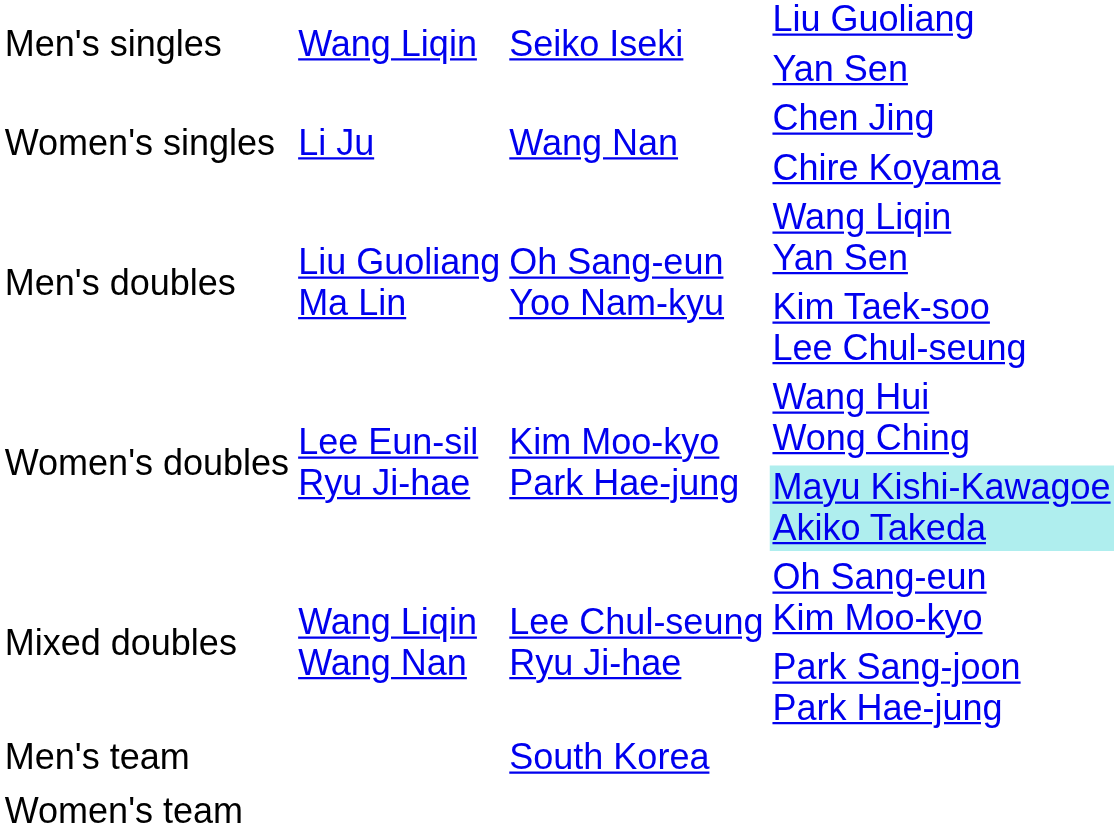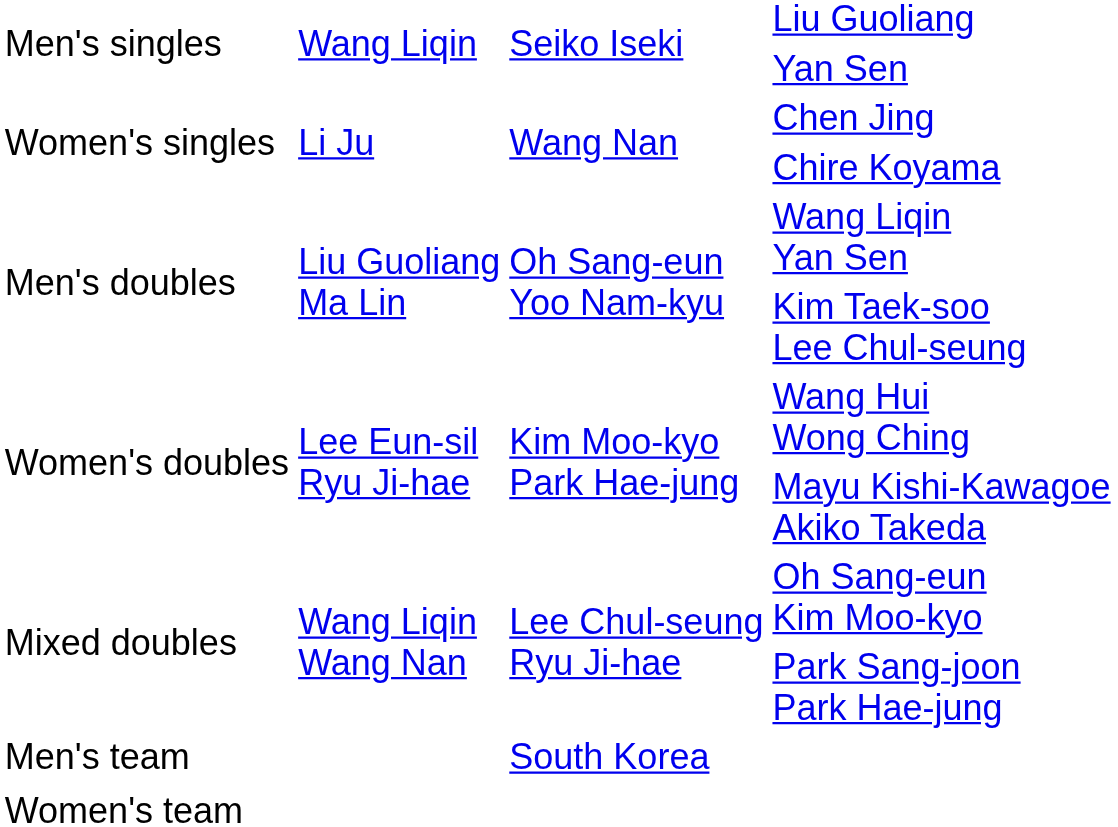 <table>
 <tr>
 <td rowspan=2>Men's singles <br></td>
 <td rowspan=2> <a href='#'>Wang Liqin</a></td>
 <td rowspan=2> <a href='#'>Seiko Iseki</a></td>
 <td> <a href='#'>Liu Guoliang</a></td>
 </tr>
 <tr>
 <td> <a href='#'>Yan Sen</a></td>
 </tr>
 <tr>
 <td rowspan=2>Women's singles <br></td>
 <td rowspan=2> <a href='#'>Li Ju</a></td>
 <td rowspan=2> <a href='#'>Wang Nan</a></td>
 <td> <a href='#'>Chen Jing</a></td>
 </tr>
 <tr>
 <td> <a href='#'>Chire Koyama</a></td>
 </tr>
 <tr>
 <td rowspan=2>Men's doubles <br></td>
 <td rowspan=2> <a href='#'>Liu Guoliang</a><br> <a href='#'>Ma Lin</a></td>
 <td rowspan=2> <a href='#'>Oh Sang-eun</a><br> <a href='#'>Yoo Nam-kyu</a></td>
 <td> <a href='#'>Wang Liqin</a><br> <a href='#'>Yan Sen</a></td>
 </tr>
 <tr>
 <td> <a href='#'>Kim Taek-soo</a><br> <a href='#'>Lee Chul-seung</a></td>
 </tr>
 <tr>
 <td rowspan=2>Women's doubles <br></td>
 <td rowspan=2> <a href='#'>Lee Eun-sil</a><br> <a href='#'>Ryu Ji-hae</a></td>
 <td rowspan=2> <a href='#'>Kim Moo-kyo</a><br> <a href='#'>Park Hae-jung</a></td>
 <td> <a href='#'>Wang Hui</a><br>  <a href='#'>Wong Ching</a></td>
 </tr>
 <tr>
-<td style="background: paleturquoise;"> <a href='#'>Mayu Kishi-Kawagoe</a><br> <a href='#'>Akiko Takeda</a></td>
+<td> <a href='#'>Mayu Kishi-Kawagoe</a><br> <a href='#'>Akiko Takeda</a></td>
 </tr>
 <tr>
 <td rowspan=2>Mixed doubles <br></td>
 <td rowspan=2> <a href='#'>Wang Liqin</a><br> <a href='#'>Wang Nan</a></td>
 <td rowspan=2> <a href='#'>Lee Chul-seung</a><br> <a href='#'>Ryu Ji-hae</a></td>
 <td> <a href='#'>Oh Sang-eun</a><br> <a href='#'>Kim Moo-kyo</a></td>
 </tr>
 <tr>
 <td> <a href='#'>Park Sang-joon</a><br> <a href='#'>Park Hae-jung</a></td>
 </tr>
 <tr>
 <td rowspan=1>Men's team <br></td>
 <td rowspan=1></td>
 <td rowspan=1> <a href='#'>South Korea</a></td>
 <td></td>
 </tr>
 <tr>
 </tr>
 <tr>
 <td rowspan=1>Women's team <br></td>
 <td rowspan=1></td>
 <td rowspan=1></td>
 <td></td>
 </tr>
 <tr>
 </tr>
 </table>
